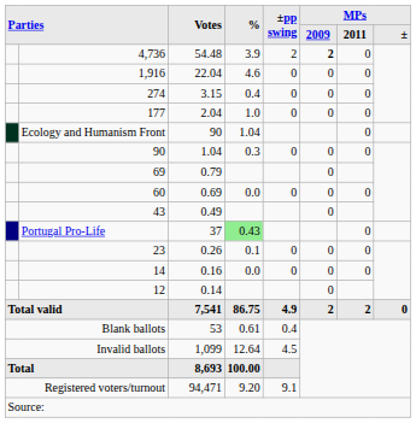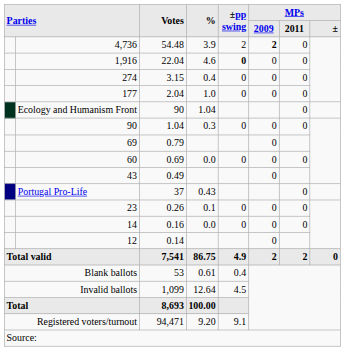 <table class="wikitable" style="text-align:right; font-size:95%;">
 <tr>
 <th rowspan="2" colspan="2" style="background:#e9e9e9; text-align:left;" alignleft><a href='#'>Parties</a></th>
 <th rowspan="2" style="background:#e9e9e9; text-align:right;">Votes</th>
 <th rowspan="2" style="background:#e9e9e9; text-align:right;">%</th>
 <th rowspan="2" style="background:#e9e9e9; text-align:right;">±<a href='#'>pp</a> <a href='#'>swing</a></th>
 <th colspan="3" style="background:#e9e9e9; text-align:center;"><a href='#'>MPs</a></th>
 </tr>
 <tr style="background-color:#E9E9E9">
 <th style="background-color:#E9E9E9;text-align:center;"><a href='#'>2009</a></th>
 <th style="background-color:#E9E9E9;text-align:center;">2011</th>
 <th style="background:#e9e9e9; text-align:right;">±</th>
 </tr>
 <tr>
 <td></td>
 <td>4,736</td>
 <td>54.48</td>
 <td>3.9</td>
 <td>2</td>
 <td><strong>2</strong></td>
 <td>0</td>
 </tr>
 <tr>
 <td></td>
 <td>1,916</td>
 <td>22.04</td>
 <td>4.6</td>
-<td>0</td>
+<td><strong>0</strong></td>
 <td>0</td>
 <td>0</td>
 </tr>
 <tr>
 <td></td>
 <td>274</td>
 <td>3.15</td>
 <td>0.4</td>
 <td>0</td>
 <td>0</td>
 <td>0</td>
 </tr>
 <tr>
 <td></td>
 <td>177</td>
 <td>2.04</td>
 <td>1.0</td>
 <td>0</td>
 <td>0</td>
 <td>0</td>
 </tr>
 <tr>
 <td style="width:10px;background-color:#013220;text-align:center;"></td>
 <td style="text-align:left;">Ecology and Humanism Front </td>
 <td>90</td>
 <td>1.04</td>
 <td></td>
 <td></td>
 <td>0</td>
 <td></td>
 </tr>
 <tr>
 <td></td>
 <td>90</td>
 <td>1.04</td>
 <td>0.3</td>
 <td>0</td>
 <td>0</td>
 <td>0</td>
 </tr>
 <tr>
 <td></td>
 <td>69</td>
 <td>0.79</td>
 <td></td>
 <td></td>
 <td>0</td>
 <td></td>
 </tr>
 <tr>
 <td></td>
 <td>60</td>
 <td>0.69</td>
 <td>0.0</td>
 <td>0</td>
 <td>0</td>
 <td>0</td>
 </tr>
 <tr>
 <td></td>
 <td>43</td>
 <td>0.49</td>
 <td></td>
 <td></td>
 <td>0</td>
 <td></td>
 </tr>
 <tr>
 <td style="width:10px;background-color:#000080;text-align:center;"></td>
 <td style="text-align:left;"><a href='#'>Portugal Pro-Life</a></td>
 <td>37</td>
-<td style="background: lightgreen;">0.43</td>
+<td>0.43</td>
 <td></td>
 <td></td>
 <td>0</td>
 <td></td>
 </tr>
 <tr>
 <td></td>
 <td>23</td>
 <td>0.26</td>
 <td>0.1</td>
 <td>0</td>
 <td>0</td>
 <td>0</td>
 </tr>
 <tr>
 <td></td>
 <td>14</td>
 <td>0.16</td>
 <td>0.0</td>
 <td>0</td>
 <td>0</td>
 <td>0</td>
 </tr>
 <tr>
 <td></td>
 <td>12</td>
 <td>0.14</td>
 <td></td>
 <td></td>
 <td>0</td>
 <td></td>
 </tr>
 <tr>
 <td colspan=2 align=left style="background-color:#E9E9E9"><strong>Total valid</strong></td>
 <td width="65" align="right" style="background-color:#E9E9E9"><strong>7,541</strong></td>
 <td width="40" align="right" style="background-color:#E9E9E9"><strong>86.75</strong></td>
 <td width="40" align="right" style="background-color:#E9E9E9"><strong>4.9</strong></td>
 <td width="40" align="right" style="background-color:#E9E9E9"><strong>2</strong></td>
 <td width="40" align="right" style="background-color:#E9E9E9"><strong>2</strong></td>
 <td width="40" align="right" style="background-color:#E9E9E9"><strong>0</strong></td>
 </tr>
 <tr>
 <td colspan=2>Blank ballots</td>
 <td>53</td>
 <td>0.61</td>
 <td>0.4</td>
 <td colspan=4 rowspan=4></td>
 </tr>
 <tr>
 <td colspan=2>Invalid ballots</td>
 <td>1,099</td>
 <td>12.64</td>
 <td>4.5</td>
 </tr>
 <tr>
 <td colspan=2 align=left style="background-color:#E9E9E9"><strong>Total</strong></td>
 <td width="50" align="right" style="background-color:#E9E9E9"><strong>8,693</strong></td>
 <td width="40" align="right" style="background-color:#E9E9E9"><strong>100.00</strong></td>
 <td width="40" align="right" style="background-color:#E9E9E9"></td>
 </tr>
 <tr>
 <td colspan=2>Registered voters/turnout</td>
 <td>94,471</td>
 <td>9.20</td>
 <td>9.1</td>
 </tr>
 <tr>
 <td colspan=11 align=left>Source: </td>
 </tr>
 </table>
